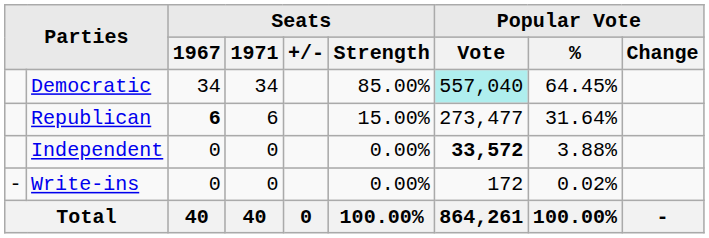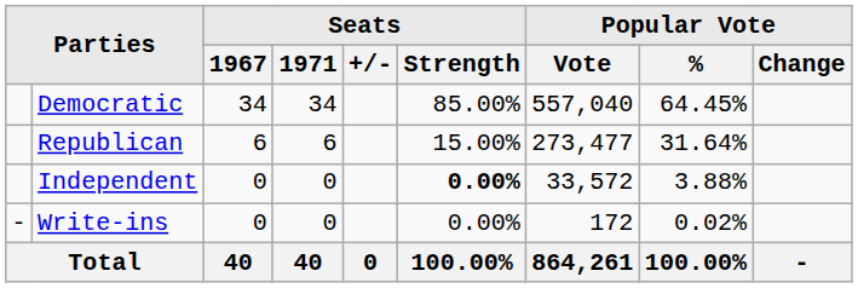 <table class=wikitable>
 <tr>
 <th style="background-color:#E9E9E9" align=center rowspan= 2 colspan=2>Parties</th>
 <th style="background-color:#E9E9E9" align=center colspan=4>Seats</th>
 <th style="background-color:#E9E9E9" align=center colspan=3>Popular Vote</th>
 </tr>
 <tr>
 <th align=center>1967</th>
 <th align=center>1971</th>
 <th align=center>+/-</th>
 <th align=center>Strength</th>
 <th align=center>Vote</th>
 <th align=center>%</th>
 <th align=center>Change</th>
 </tr>
 <tr>
 <td></td>
 <td align=left><a href='#'>Democratic</a></td>
 <td align=right >34</td>
 <td align=right >34</td>
 <td align=right></td>
 <td align=right >85.00%</td>
-<td align=right  style="background: paleturquoise;">557,040</td>
+<td align=right >557,040</td>
 <td align=right >64.45%</td>
 <td align=right></td>
 </tr>
 <tr>
 <td></td>
 <td align=left><a href='#'>Republican</a></td>
-<td align=right><strong>6</strong></td>
+<td align=right>6</td>
 <td align=right>6</td>
 <td align=right></td>
 <td align=right>15.00%</td>
 <td align=right>273,477</td>
 <td align=right>31.64%</td>
 <td align=right></td>
 </tr>
 <tr>
 <td></td>
 <td><a href='#'>Independent</a></td>
 <td align=right>0</td>
 <td align=right>0</td>
 <td align=right></td>
-<td align=right>0.00%</td>
-<td align=right><strong>33,572</strong></td>
+<td align=right><strong>0.00%</strong></td>
+<td align=right>33,572</td>
 <td align=right>3.88%</td>
 <td align=right></td>
 </tr>
 <tr>
 <td>-</td>
 <td><a href='#'>Write-ins</a></td>
 <td align=right>0</td>
 <td align=right>0</td>
 <td align=right></td>
 <td align=right>0.00%</td>
 <td align=right>172</td>
 <td align=right>0.02%</td>
 <td align=right></td>
 </tr>
 <tr>
 <th align=center colspan="2">Total</th>
 <th align=center>40</th>
 <th align=center>40</th>
 <th align=center>0</th>
 <th align=center>100.00%</th>
 <th align=center>864,261</th>
 <th align=center>100.00%</th>
 <th align=center>-</th>
 </tr>
 </table>
